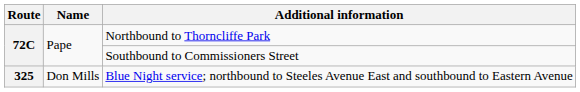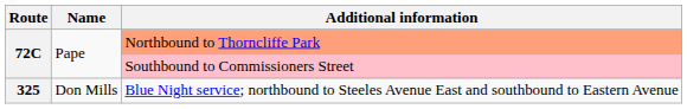 <table class="wikitable">
 <tr>
 <th>Route</th>
 <th>Name</th>
 <th>Additional information</th>
 </tr>
 <tr>
 <th rowspan="2">72C</th>
 <td rowspan="2">Pape</td>
-<td>Northbound to <a href='#'>Thorncliffe Park</a></td>
+<td style="background: lightsalmon;">Northbound to <a href='#'>Thorncliffe Park</a></td>
 </tr>
 <tr>
-<td>Southbound to Commissioners Street</td>
+<td style="background: pink;">Southbound to Commissioners Street</td>
 </tr>
 <tr>
 <th>325</th>
 <td>Don Mills</td>
 <td><a href='#'>Blue Night service</a>; northbound to Steeles Avenue East and southbound to Eastern Avenue<br></td>
 </tr>
 </table>
